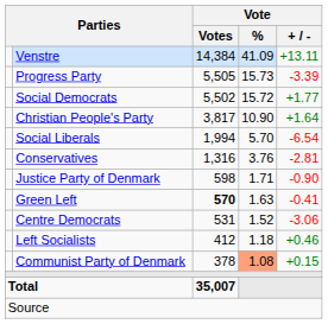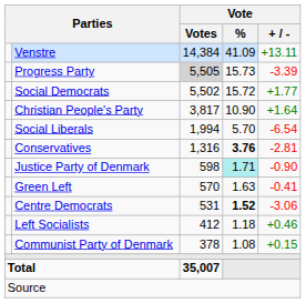 <table class="wikitable" style="text-align:right;">
 <tr>
 <th style="text-align:centre;" rowspan="2" colspan="2" width="225">Parties</th>
 <th colspan="3">Vote</th>
 </tr>
 <tr>
 <th width="15">Votes</th>
 <th width="15">%</th>
 <th width="15">+ / -</th>
 </tr>
 <tr>
 <td width="2" style="color:inherit;background:"></td>
 <td bgcolor=#cfe5fe  align="left"><a href='#'>Venstre</a></td>
 <td bgcolor=#cfe5fe>14,384</td>
 <td bgcolor=#cfe5fe>41.09</td>
 <td style=color:green;>+13.11</td>
 </tr>
 <tr>
 <td width="2" style="color:inherit;background:"></td>
 <td align="left"><a href='#'>Progress Party</a></td>
-<td>5,505</td>
+<td style="background: lightgrey;">5,505</td>
 <td>15.73</td>
 <td style=color:red;>-3.39</td>
 </tr>
 <tr>
 <td width="2" style="color:inherit;background:"></td>
 <td align="left"><a href='#'>Social Democrats</a></td>
 <td>5,502</td>
 <td>15.72</td>
 <td style=color:green;>+1.77</td>
 </tr>
 <tr>
 <td width="2" style="color:inherit;background:"></td>
 <td align="left"><a href='#'>Christian People's Party</a></td>
 <td>3,817</td>
 <td>10.90</td>
 <td style=color:green;>+1.64</td>
 </tr>
 <tr>
 <td width="2" style="color:inherit;background:"></td>
 <td align="left"><a href='#'>Social Liberals</a></td>
 <td>1,994</td>
 <td>5.70</td>
 <td style=color:red;>-6.54</td>
 </tr>
 <tr>
 <td width="2" style="color:inherit;background:"></td>
 <td align="left"><a href='#'>Conservatives</a></td>
 <td>1,316</td>
-<td>3.76</td>
+<td><strong>3.76</strong></td>
 <td style=color:red;>-2.81</td>
 </tr>
 <tr>
 <td width="2" style="color:inherit;background:"></td>
 <td align="left"><a href='#'>Justice Party of Denmark</a></td>
 <td>598</td>
-<td>1.71</td>
+<td style="background: paleturquoise;">1.71</td>
 <td style=color:red;>-0.90</td>
 </tr>
 <tr>
 <td width="2" style="color:inherit;background:"></td>
 <td align="left"><a href='#'>Green Left</a></td>
-<td><strong>570</strong></td>
+<td>570</td>
 <td>1.63</td>
 <td style=color:red;>-0.41</td>
 </tr>
 <tr>
 <td width="2" style="color:inherit;background:"></td>
 <td align="left"><a href='#'>Centre Democrats</a></td>
 <td>531</td>
-<td>1.52</td>
+<td><strong>1.52</strong></td>
 <td style=color:red;>-3.06</td>
 </tr>
 <tr>
 <td width="2" style="color:inherit;background:"></td>
 <td align="left"><a href='#'>Left Socialists</a></td>
 <td>412</td>
 <td>1.18</td>
 <td style=color:green;>+0.46</td>
 </tr>
 <tr>
 <td width="2" style="color:inherit;background:"></td>
 <td align="left"><a href='#'>Communist Party of Denmark</a></td>
 <td>378</td>
-<td style="background: lightsalmon;">1.08</td>
+<td>1.08</td>
 <td style=color:green;>+0.15</td>
 </tr>
 <tr>
 <td colspan="7" bgcolor="#E9E9E9"></td>
 </tr>
 <tr>
 <td align="left" colspan="2"><strong>Total</strong></td>
 <td><strong>35,007</strong></td>
 <td bgcolor="#E9E9E9" colspan="2"></td>
 </tr>
 <tr>
 <td align="left" colspan="6">Source</td>
 </tr>
 </table>
